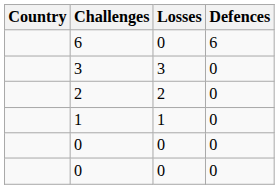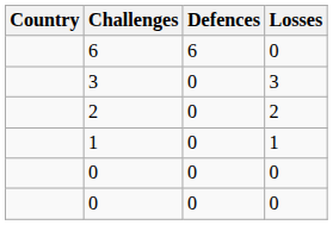 <table class="wikitable sortable" style="text-align:left;">
 <tr rank>
 <th>Country</th>
 <th>Challenges</th>
+<th>Defences</th>
 <th>Losses</th>
-<th>Defences</th>
 </tr>
 <tr>
 <td align=left></td>
 <td>6</td>
+<td>6</td>
 <td>0</td>
-<td>6</td>
 </tr>
 <tr>
 <td align=left></td>
 <td>3</td>
+<td>0</td>
 <td>3</td>
-<td>0</td>
 </tr>
 <tr>
 <td align=left></td>
 <td>2</td>
+<td>0</td>
 <td>2</td>
-<td>0</td>
 </tr>
 <tr>
 <td></td>
 <td>1</td>
+<td>0</td>
 <td>1</td>
-<td>0</td>
 </tr>
 <tr>
 <td align=left></td>
 <td>0</td>
 <td>0</td>
 <td>0</td>
 </tr>
 <tr>
 <td align=left></td>
 <td>0</td>
 <td>0</td>
 <td>0</td>
 </tr>
 </table>
